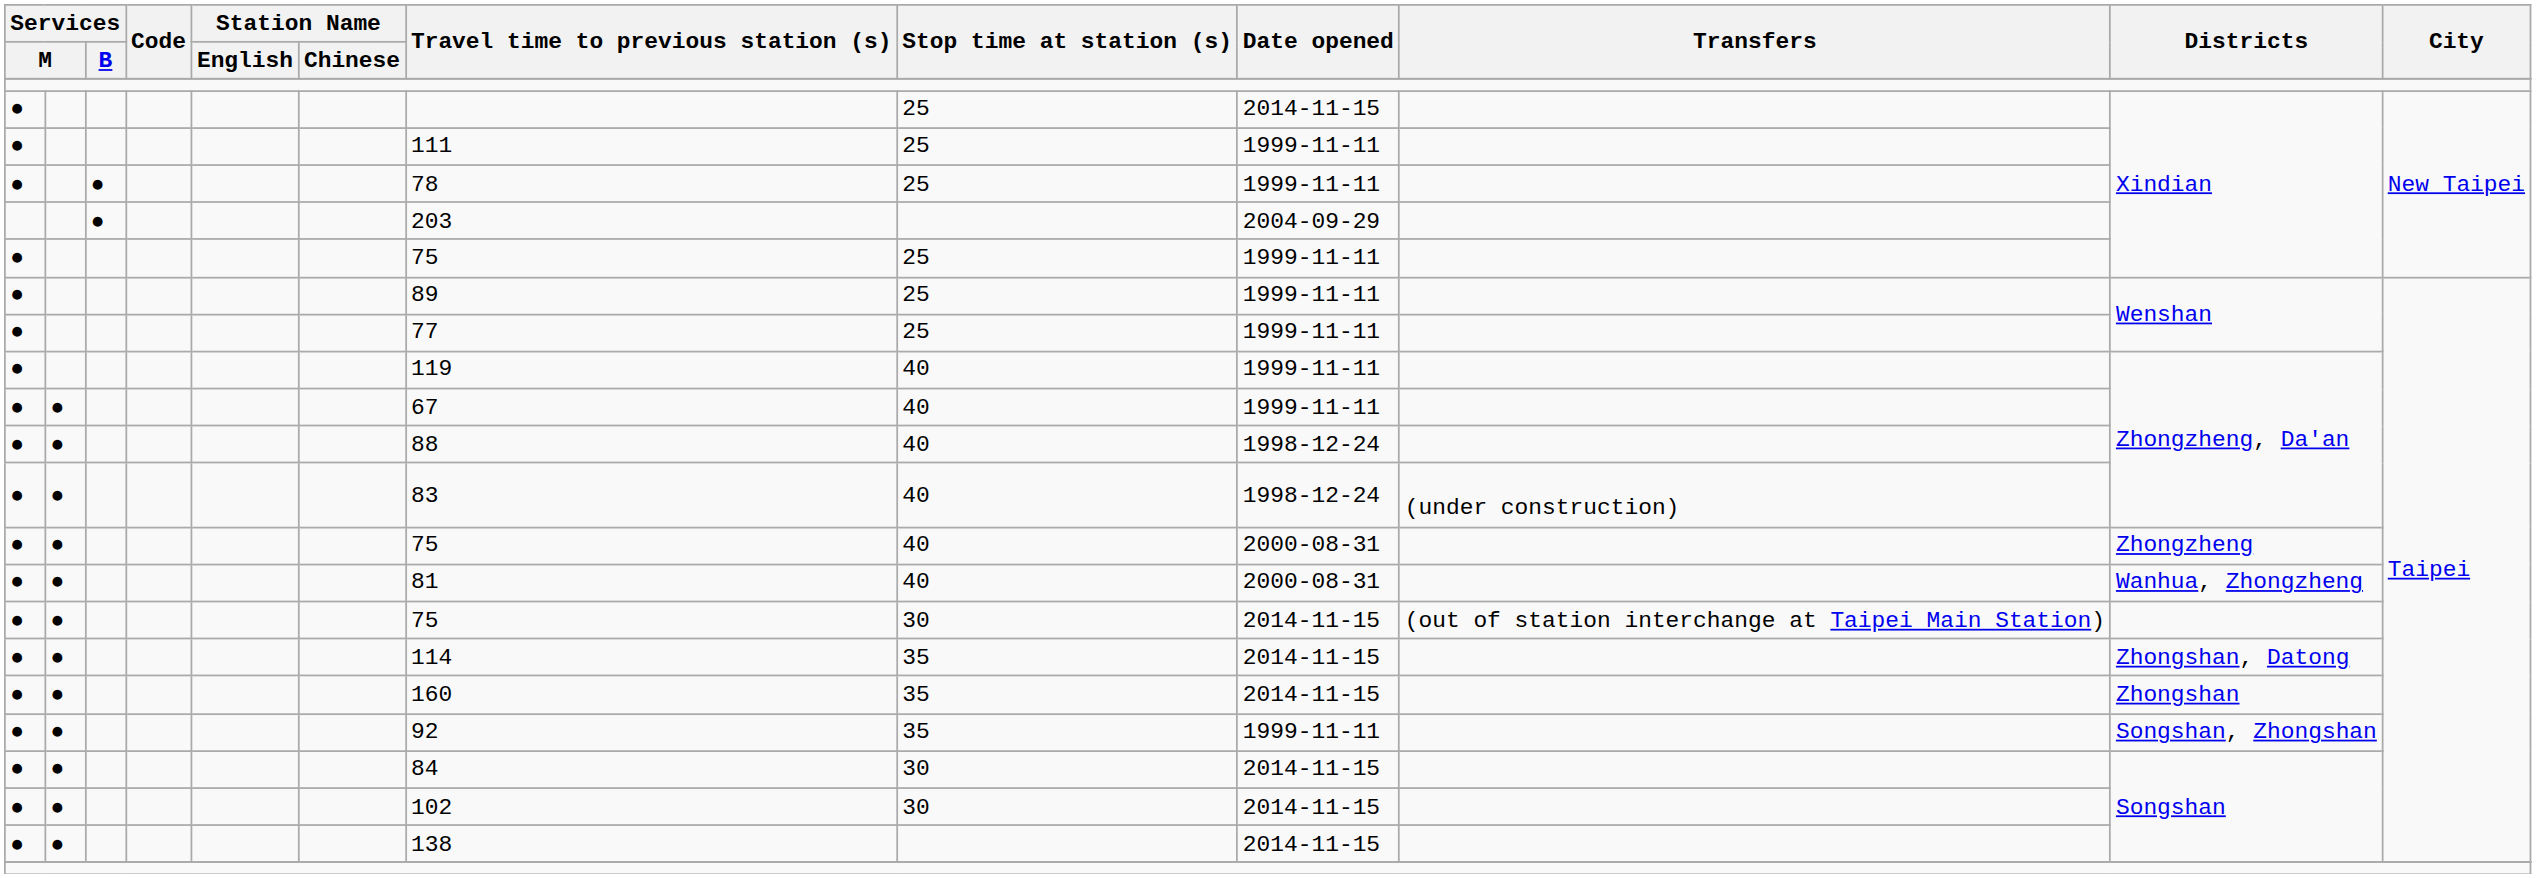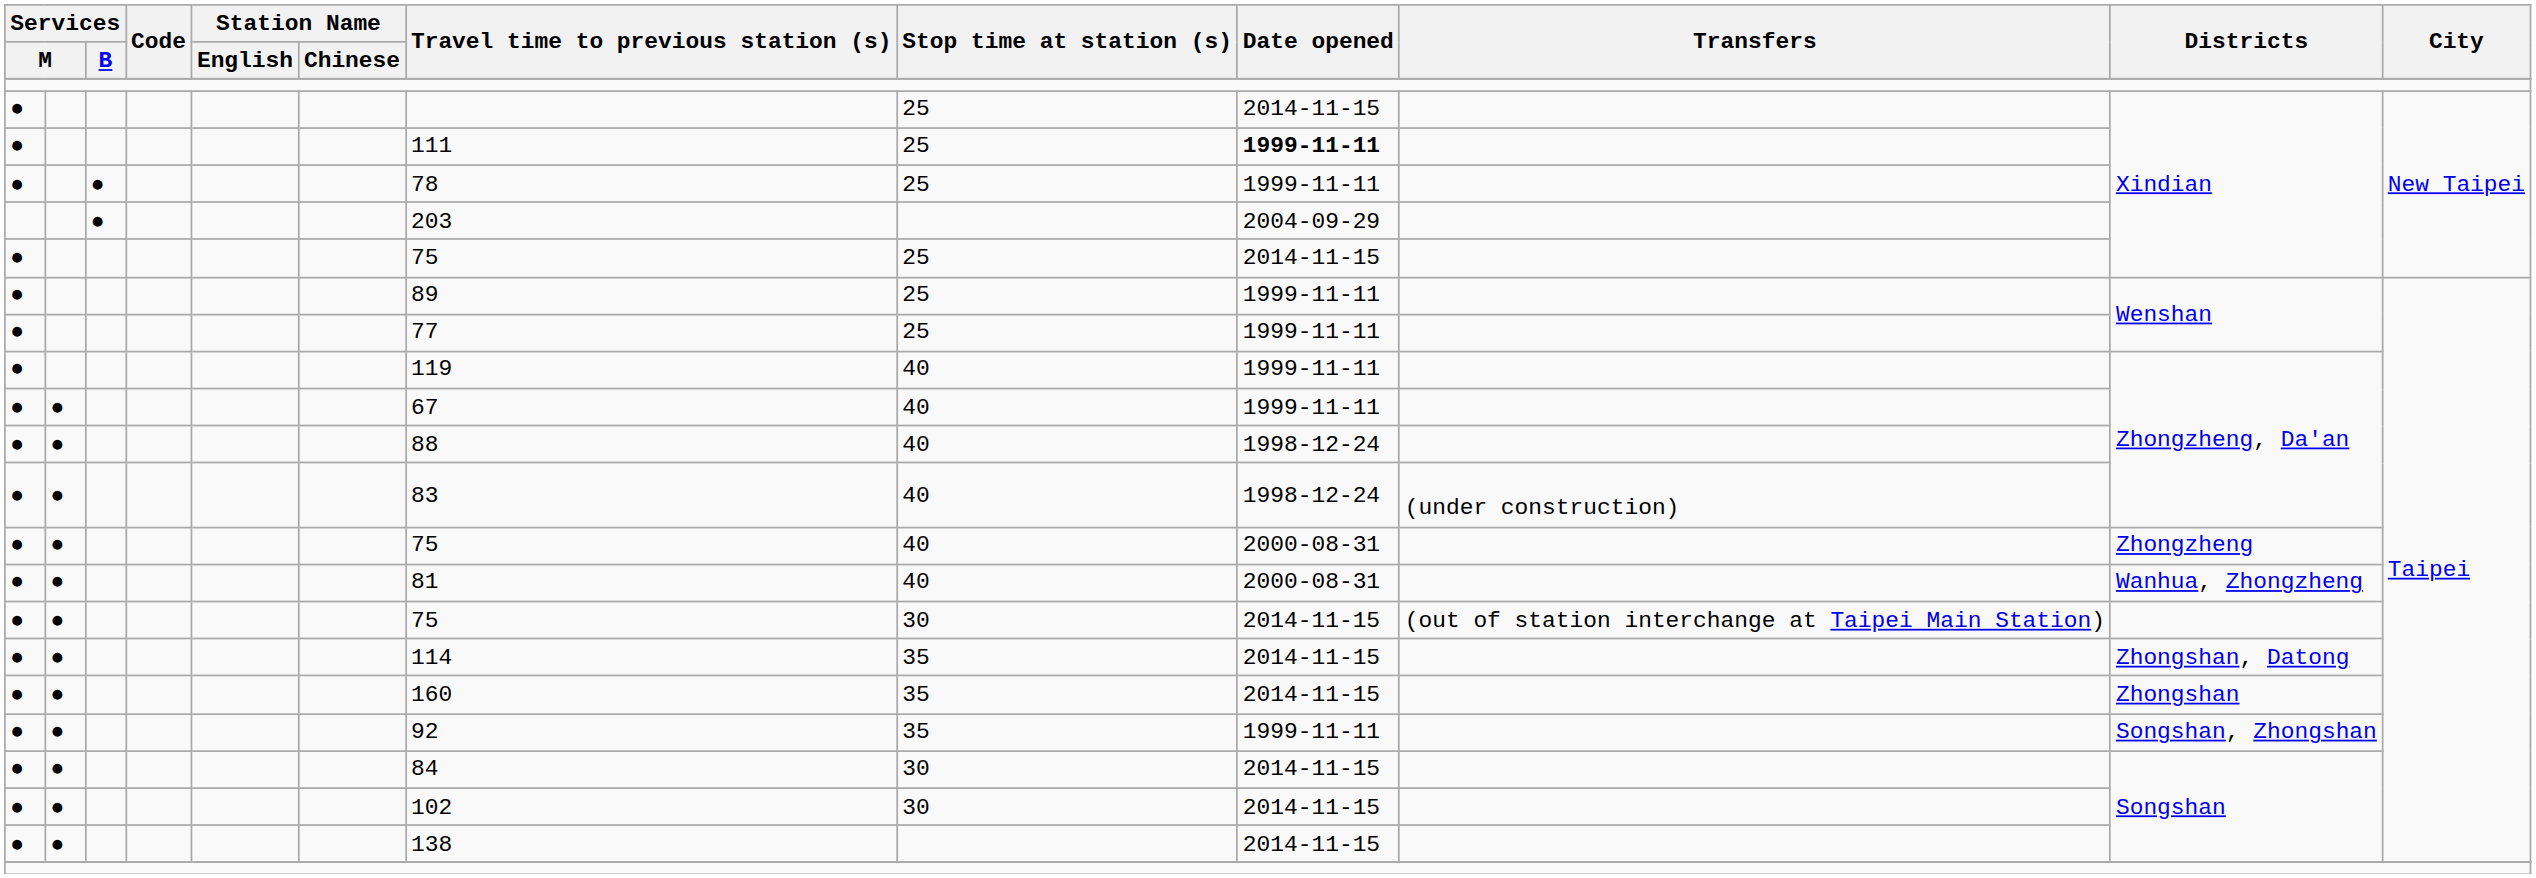 <table class="wikitable sortable">
 <tr>
 <th colspan="3">Services</th>
 <th rowspan="2">Code</th>
 <th colspan="2">Station Name</th>
 <th rowspan="2">Travel time to previous station (s)</th>
 <th rowspan="2">Stop time at station (s)</th>
 <th rowspan="2">Date opened</th>
 <th rowspan="2">Transfers</th>
 <th rowspan="2">Districts</th>
 <th rowspan="2">City</th>
 </tr>
 <tr>
 <th colspan="2">M</th>
 <th><a href='#'>B</a></th>
 <th>English</th>
 <th>Chinese</th>
 </tr>
 <tr>
 </tr>
 <tr>
 <td colspan="12"></td>
 </tr>
 <tr>
 <td>●</td>
 <td></td>
 <td></td>
 <td></td>
 <td></td>
 <td></td>
 <td></td>
 <td>25</td>
 <td>2014-11-15</td>
 <td></td>
 <td rowspan="5"><a href='#'>Xindian</a></td>
 <td rowspan="5"><a href='#'>New Taipei</a></td>
 </tr>
 <tr>
 <td>●</td>
 <td></td>
 <td></td>
 <td></td>
 <td></td>
 <td></td>
 <td>111</td>
 <td>25</td>
-<td>1999-11-11</td>
+<td><strong>1999-11-11</strong></td>
 <td></td>
 </tr>
 <tr>
 <td>●</td>
 <td></td>
 <td>●</td>
 <td></td>
 <td></td>
 <td></td>
 <td>78</td>
 <td>25</td>
 <td>1999-11-11</td>
 <td></td>
 </tr>
 <tr>
 <td></td>
 <td></td>
 <td>●</td>
 <td></td>
 <td></td>
 <td></td>
 <td>203</td>
 <td></td>
 <td>2004-09-29</td>
 <td></td>
 </tr>
 <tr>
 <td>●</td>
 <td></td>
 <td></td>
 <td></td>
 <td></td>
 <td></td>
 <td>75</td>
 <td>25</td>
-<td>1999-11-11</td>
+<td>2014-11-15</td>
 <td></td>
 </tr>
 <tr>
 <td>●</td>
 <td></td>
 <td></td>
 <td></td>
 <td></td>
 <td></td>
 <td>89</td>
 <td>25</td>
 <td>1999-11-11</td>
 <td></td>
 <td rowspan="2"><a href='#'>Wenshan</a></td>
 <td rowspan="15"><a href='#'>Taipei</a></td>
 </tr>
 <tr>
 <td>●</td>
 <td></td>
 <td></td>
 <td></td>
 <td></td>
 <td></td>
 <td>77</td>
 <td>25</td>
 <td>1999-11-11</td>
 <td></td>
 </tr>
 <tr>
 <td>●</td>
 <td></td>
 <td></td>
 <td></td>
 <td></td>
 <td></td>
 <td>119</td>
 <td>40</td>
 <td>1999-11-11</td>
 <td></td>
 <td rowspan="4"><a href='#'>Zhongzheng</a>, <a href='#'>Da'an</a></td>
 </tr>
 <tr>
 <td>●</td>
 <td>●</td>
 <td></td>
 <td></td>
 <td></td>
 <td></td>
 <td>67</td>
 <td>40</td>
 <td>1999-11-11</td>
 <td></td>
 </tr>
 <tr>
 <td>●</td>
 <td>●</td>
 <td></td>
 <td></td>
 <td></td>
 <td></td>
 <td>88</td>
 <td>40</td>
 <td>1998-12-24</td>
 <td></td>
 </tr>
 <tr>
 <td>●</td>
 <td>●</td>
 <td></td>
 <td></td>
 <td></td>
 <td></td>
 <td>83</td>
 <td>40</td>
 <td>1998-12-24</td>
 <td><br> (under construction)</td>
 </tr>
 <tr>
 <td>●</td>
 <td>●</td>
 <td></td>
 <td></td>
 <td></td>
 <td></td>
 <td>75</td>
 <td>40</td>
 <td>2000-08-31</td>
 <td></td>
 <td><a href='#'>Zhongzheng</a></td>
 </tr>
 <tr>
 <td>●</td>
 <td>●</td>
 <td></td>
 <td></td>
 <td></td>
 <td></td>
 <td>81</td>
 <td>40</td>
 <td>2000-08-31</td>
 <td></td>
 <td><a href='#'>Wanhua</a>, <a href='#'>Zhongzheng</a></td>
 </tr>
 <tr>
 <td>●</td>
 <td>●</td>
 <td></td>
 <td></td>
 <td></td>
 <td></td>
 <td>75</td>
 <td>30</td>
 <td>2014-11-15</td>
 <td> (out of station interchange at <a href='#'>Taipei Main Station</a>)</td>
 <td></td>
 </tr>
 <tr>
 <td>●</td>
 <td>●</td>
 <td></td>
 <td></td>
 <td></td>
 <td></td>
 <td>114</td>
 <td>35</td>
 <td>2014-11-15</td>
 <td></td>
 <td><a href='#'>Zhongshan</a>, <a href='#'>Datong</a></td>
 </tr>
 <tr>
 <td>●</td>
 <td>●</td>
 <td></td>
 <td></td>
 <td></td>
 <td></td>
 <td>160</td>
 <td>35</td>
 <td>2014-11-15</td>
 <td></td>
 <td><a href='#'>Zhongshan</a></td>
 </tr>
 <tr>
 <td>●</td>
 <td>●</td>
 <td></td>
 <td></td>
 <td></td>
 <td></td>
 <td>92</td>
 <td>35</td>
 <td>1999-11-11</td>
 <td></td>
 <td><a href='#'>Songshan</a>, <a href='#'>Zhongshan</a></td>
 </tr>
 <tr>
 <td>●</td>
 <td>●</td>
 <td></td>
 <td></td>
 <td></td>
 <td></td>
 <td>84</td>
 <td>30</td>
 <td>2014-11-15</td>
 <td></td>
 <td rowspan="3"><a href='#'>Songshan</a></td>
 </tr>
 <tr>
 <td>●</td>
 <td>●</td>
 <td></td>
 <td></td>
 <td></td>
 <td></td>
 <td>102</td>
 <td>30</td>
 <td>2014-11-15</td>
 <td></td>
 </tr>
 <tr>
 <td>●</td>
 <td>●</td>
 <td></td>
 <td></td>
 <td></td>
 <td></td>
 <td>138</td>
 <td></td>
 <td>2014-11-15</td>
 <td></td>
 </tr>
 <tr>
 </tr>
 <tr>
 <td colspan="12"></td>
 </tr>
 </table>
